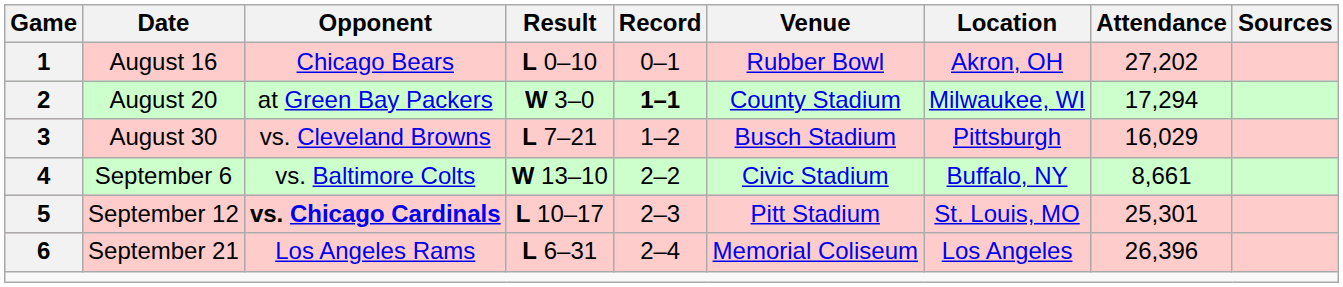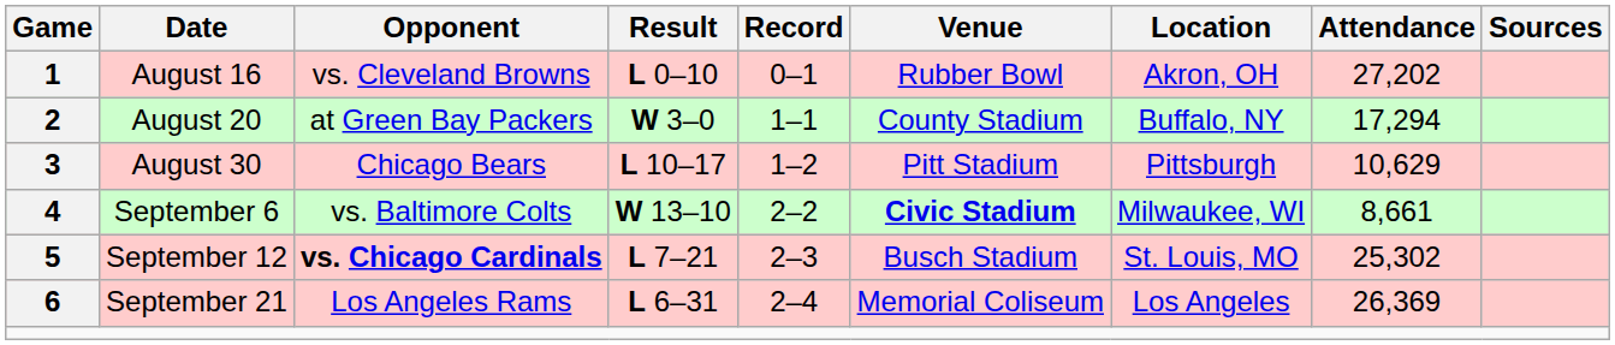 <table class="wikitable" style="text-align:center">
 <tr>
 <th>Game</th>
 <th>Date</th>
 <th>Opponent</th>
 <th>Result</th>
 <th>Record</th>
 <th>Venue</th>
 <th>Location</th>
 <th>Attendance</th>
 <th>Sources</th>
 </tr>
 <tr style="background:#fcc">
 <th>1</th>
 <td>August 16</td>
-<td><a href='#'>Chicago Bears</a></td>
+<td>vs. <a href='#'>Cleveland Browns</a></td>
 <td><strong>L</strong> 0–10</td>
 <td>0–1</td>
 <td><a href='#'>Rubber Bowl</a></td>
 <td><a href='#'>Akron, OH</a></td>
 <td>27,202</td>
 <td></td>
 </tr>
 <tr style="background:#cfc">
 <th>2</th>
 <td>August 20</td>
 <td>at <a href='#'>Green Bay Packers</a></td>
 <td><strong>W</strong> 3–0</td>
-<td><strong>1–1</strong></td>
+<td>1–1</td>
 <td><a href='#'>County Stadium</a></td>
-<td><a href='#'>Milwaukee, WI</a></td>
+<td><a href='#'>Buffalo, NY</a></td>
 <td>17,294</td>
 <td></td>
 </tr>
 <tr style="background:#fcc">
 <th>3</th>
 <td>August 30</td>
-<td>vs. <a href='#'>Cleveland Browns</a></td>
-<td><strong>L</strong> 7–21</td>
+<td><a href='#'>Chicago Bears</a></td>
+<td><strong>L</strong> 10–17</td>
 <td>1–2</td>
-<td><a href='#'>Busch Stadium</a></td>
+<td><a href='#'>Pitt Stadium</a></td>
 <td><a href='#'>Pittsburgh</a></td>
-<td>16,029</td>
+<td>10,629</td>
 <td></td>
 </tr>
 <tr style="background:#cfc">
 <th>4</th>
 <td>September 6</td>
 <td>vs. <a href='#'>Baltimore Colts</a></td>
 <td><strong>W</strong> 13–10</td>
 <td>2–2</td>
-<td><a href='#'>Civic Stadium</a></td>
-<td><a href='#'>Buffalo, NY</a></td>
+<td><strong><a href='#'>Civic Stadium</a></strong></td>
+<td><a href='#'>Milwaukee, WI</a></td>
 <td>8,661</td>
 <td></td>
 </tr>
 <tr style="background:#fcc">
 <th>5</th>
 <td>September 12</td>
 <td><strong>vs. <a href='#'>Chicago Cardinals</a></strong></td>
-<td><strong>L</strong> 10–17</td>
+<td><strong>L</strong> 7–21</td>
 <td>2–3</td>
-<td><a href='#'>Pitt Stadium</a></td>
+<td><a href='#'>Busch Stadium</a></td>
 <td><a href='#'>St. Louis, MO</a></td>
-<td>25,301</td>
+<td>25,302</td>
 <td></td>
 </tr>
 <tr style="background:#fcc">
 <th>6</th>
 <td>September 21</td>
 <td><a href='#'>Los Angeles Rams</a></td>
 <td><strong>L</strong> 6–31</td>
 <td>2–4</td>
 <td><a href='#'>Memorial Coliseum</a></td>
 <td><a href='#'>Los Angeles</a></td>
-<td>26,396</td>
+<td>26,369</td>
 <td></td>
 </tr>
 <tr>
 <td colspan="10"></td>
 </tr>
 </table>
